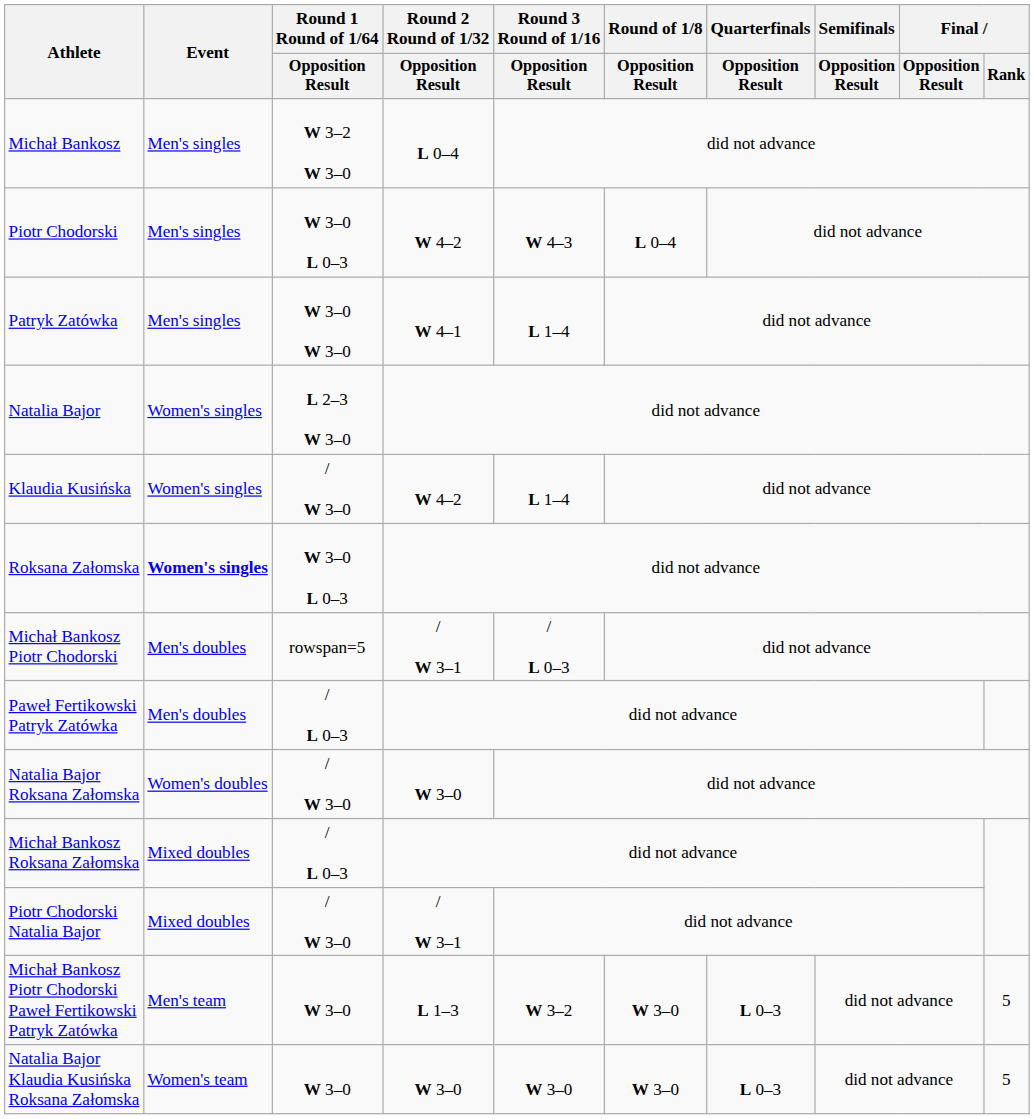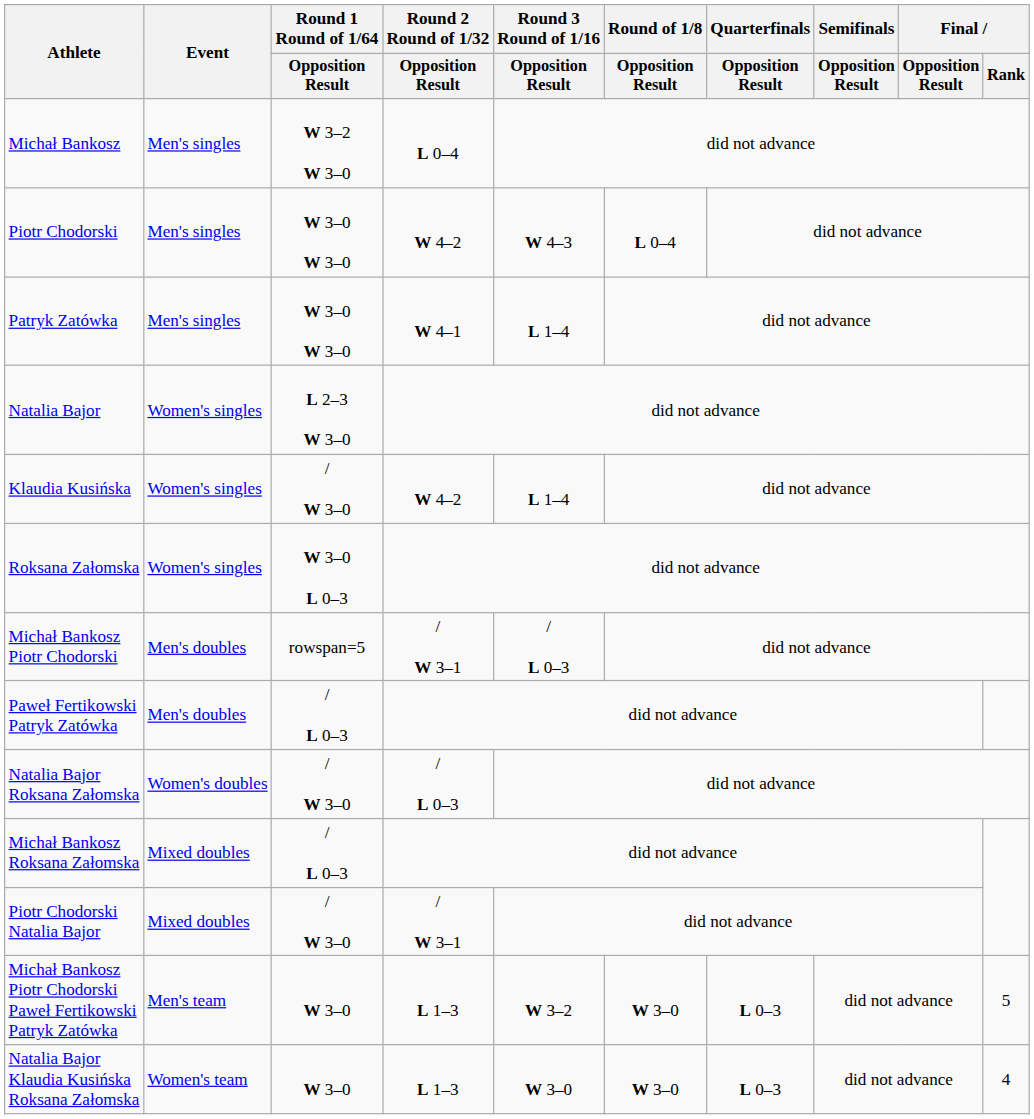 <table class="wikitable" style="font-size:90%">
 <tr>
 <th rowspan="2">Athlete</th>
 <th rowspan="2">Event</th>
 <th>Round 1<br>Round of 1/64</th>
 <th>Round 2<br>Round of 1/32</th>
 <th>Round 3<br>Round of 1/16</th>
 <th>Round of 1/8</th>
 <th>Quarterfinals</th>
 <th>Semifinals</th>
 <th colspan=2>Final / </th>
 </tr>
 <tr style="font-size:95%">
 <th>Opposition<br>Result</th>
 <th>Opposition<br>Result</th>
 <th>Opposition<br>Result</th>
 <th>Opposition<br>Result</th>
 <th>Opposition<br>Result</th>
 <th>Opposition<br>Result</th>
 <th>Opposition<br>Result</th>
 <th>Rank</th>
 </tr>
 <tr align=center>
 <td align=left><a href='#'>Michał Bankosz</a></td>
 <td align=left><a href='#'>Men's singles</a></td>
 <td><br><strong>W</strong> 3–2 <br> <br><strong>W</strong> 3–0</td>
 <td><br><strong>L</strong> 0–4</td>
 <td colspan=6>did not advance</td>
 </tr>
 <tr align=center>
 <td align=left><a href='#'>Piotr Chodorski</a></td>
 <td align=left><a href='#'>Men's singles</a></td>
-<td><br><strong>W</strong> 3–0<br> <br><strong>L</strong> 0–3</td>
+<td><br><strong>W</strong> 3–0 <br> <br><strong>W</strong> 3–0</td>
 <td><br><strong>W</strong> 4–2</td>
 <td><br><strong>W</strong> 4–3</td>
 <td><br><strong>L</strong> 0–4</td>
 <td colspan=4>did not advance</td>
 </tr>
 <tr align=center>
 <td align=left><a href='#'>Patryk Zatówka</a></td>
 <td align=left><a href='#'>Men's singles</a></td>
 <td><br><strong>W</strong> 3–0 <br> <br><strong>W</strong> 3–0</td>
 <td><br><strong>W</strong> 4–1</td>
 <td><br><strong>L</strong> 1–4</td>
 <td colspan=5>did not advance</td>
 </tr>
 <tr align=center>
 <td align=left><a href='#'>Natalia Bajor</a></td>
 <td align=left><a href='#'>Women's singles</a></td>
 <td><br><strong>L</strong> 2–3 <br> <br><strong>W</strong> 3–0</td>
 <td colspan=7>did not advance</td>
 </tr>
 <tr align=center>
 <td align=left><a href='#'>Klaudia Kusińska</a></td>
 <td align=left><a href='#'>Women's singles</a></td>
 <td> / <br><br><strong>W</strong> 3–0</td>
 <td><br><strong>W</strong> 4–2</td>
 <td><br><strong>L</strong> 1–4</td>
 <td colspan=5>did not advance</td>
 </tr>
 <tr align=center>
 <td align=left><a href='#'>Roksana Załomska</a></td>
-<td align=left><strong><a href='#'>Women's singles</a></strong></td>
+<td align=left><a href='#'>Women's singles</a></td>
 <td><br><strong>W</strong> 3–0<br> <br><strong>L</strong> 0–3</td>
 <td colspan=7>did not advance</td>
 </tr>
 <tr align=center>
 <td align=left><a href='#'>Michał Bankosz</a><br><a href='#'>Piotr Chodorski</a></td>
 <td align=left><a href='#'>Men's doubles</a></td>
 <td>rowspan=5 </td>
 <td> / <br><br><strong>W</strong> 3–1</td>
 <td> / <br><br><strong>L</strong> 0–3</td>
 <td colspan=6>did not advance</td>
 </tr>
 <tr align=center>
 <td align=left><a href='#'>Paweł Fertikowski</a><br><a href='#'>Patryk Zatówka</a></td>
 <td align=left><a href='#'>Men's doubles</a></td>
 <td> / <br><br><strong>L</strong> 0–3</td>
 <td colspan=6>did not advance</td>
 </tr>
 <tr align=center>
 <td align=left><a href='#'>Natalia Bajor</a><br><a href='#'>Roksana Załomska</a></td>
 <td align=left><a href='#'>Women's doubles</a></td>
 <td> / <br><br><strong>W</strong> 3–0</td>
-<td><br><strong>W</strong> 3–0</td>
+<td> / <br><br><strong>L</strong> 0–3</td>
 <td colspan=6>did not advance</td>
 </tr>
 <tr align=center>
 <td align=left><a href='#'>Michał Bankosz</a><br><a href='#'>Roksana Załomska</a></td>
 <td align=left><a href='#'>Mixed doubles</a></td>
 <td> / <br><br><strong>L</strong> 0–3</td>
 <td colspan=6>did not advance</td>
 </tr>
 <tr align=center>
 <td align=left><a href='#'>Piotr Chodorski</a><br><a href='#'>Natalia Bajor</a></td>
 <td align=left><a href='#'>Mixed doubles</a></td>
 <td> / <br><br><strong>W</strong> 3–0</td>
 <td> / <br><br><strong>W</strong> 3–1</td>
 <td colspan=5>did not advance</td>
 </tr>
 <tr align=center>
 <td align=left><a href='#'>Michał Bankosz</a><br><a href='#'>Piotr Chodorski</a><br><a href='#'>Paweł Fertikowski</a><br><a href='#'>Patryk Zatówka</a></td>
 <td align=left><a href='#'>Men's team</a></td>
 <td><br><strong>W</strong> 3–0</td>
 <td><br><strong>L</strong> 1–3</td>
 <td><br><strong>W</strong> 3–2</td>
 <td><br><strong>W</strong> 3–0</td>
 <td><br><strong>L</strong> 0–3</td>
 <td colspan=2>did not advance</td>
 <td>5</td>
 </tr>
 <tr align=center>
 <td align=left><a href='#'>Natalia Bajor</a><br><a href='#'>Klaudia Kusińska</a><br><a href='#'>Roksana Załomska</a></td>
 <td align=left><a href='#'>Women's team</a></td>
 <td><br><strong>W</strong> 3–0</td>
-<td><br><strong>W</strong> 3–0</td>
+<td><br><strong>L</strong> 1–3</td>
 <td><br><strong>W</strong> 3–0</td>
 <td><br><strong>W</strong> 3–0</td>
 <td><br><strong>L</strong> 0–3</td>
 <td colspan=2>did not advance</td>
-<td>5</td>
+<td>4</td>
 </tr>
 </table>
